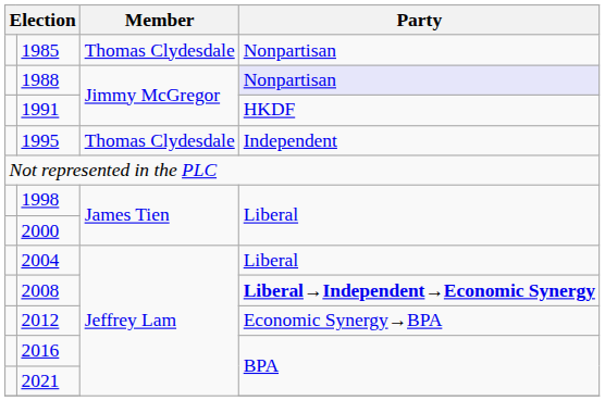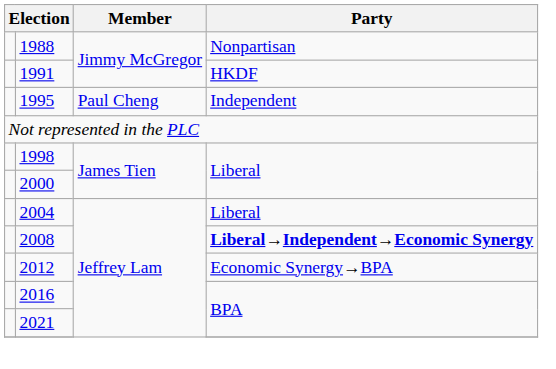 <table class="wikitable">
 <tr>
 <th colspan="2">Election</th>
 <th>Member</th>
 <th>Party</th>
 </tr>
 <tr>
 <td style="background-color: "></td>
-<td><a href='#'>1985</a></td>
-<td><a href='#'>Thomas Clydesdale</a></td>
-<td><a href='#'>Nonpartisan</a></td>
-</tr>
-<tr>
-<td style="background-color: "></td>
 <td><a href='#'>1988</a></td>
 <td rowspan=2><a href='#'>Jimmy McGregor</a></td>
-<td style="background: lavender;"><a href='#'>Nonpartisan</a></td>
+<td><a href='#'>Nonpartisan</a></td>
 </tr>
 <tr>
 <td style="background-color:"></td>
 <td><a href='#'>1991</a></td>
 <td><a href='#'>HKDF</a></td>
 </tr>
 <tr>
 <td style="background-color: "></td>
 <td><a href='#'>1995</a></td>
-<td><a href='#'>Thomas Clydesdale</a></td>
+<td><a href='#'>Paul Cheng</a></td>
 <td><a href='#'>Independent</a></td>
 </tr>
 <tr>
 <td colspan="4"><em>Not represented in the <a href='#'>PLC</a></em></td>
 </tr>
 <tr>
 <td style="background-color: "></td>
 <td><a href='#'>1998</a></td>
 <td rowspan=2><a href='#'>James Tien</a></td>
 <td rowspan=2><a href='#'>Liberal</a></td>
 </tr>
 <tr>
 <td style="background-color: "></td>
 <td><a href='#'>2000</a></td>
 </tr>
 <tr>
 <td style="background-color: "></td>
 <td><a href='#'>2004</a></td>
 <td rowspan="8"><a href='#'>Jeffrey Lam</a></td>
 <td rowspan="1"><a href='#'>Liberal</a></td>
 </tr>
 <tr>
 <td style="background-color: "></td>
 <td><a href='#'>2008</a></td>
 <td><strong><a href='#'>Liberal</a>→<a href='#'>Independent</a>→<a href='#'>Economic Synergy</a></strong></td>
 </tr>
 <tr>
 <td style="background-color: "></td>
 <td><a href='#'>2012</a></td>
 <td><a href='#'>Economic Synergy</a>→<a href='#'>BPA</a></td>
 </tr>
 <tr>
 <td style="background-color: "></td>
 <td><a href='#'>2016</a></td>
 <td rowspan=2><a href='#'>BPA</a></td>
 </tr>
 <tr>
 <td style="background-color: "></td>
 <td><a href='#'>2021</a></td>
 </tr>
 <tr>
 </tr>
 </table>
